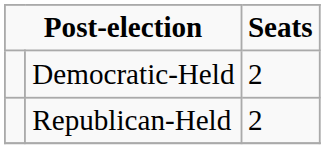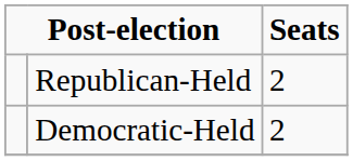 <table class= "wikitable">
 <tr>
 <td colspan= "2" rowspan= "1" align= "center" valign= "top"><strong>Post-election</strong></td>
 <td valign= "top"><strong>Seats</strong><br></td>
 </tr>
 <tr>
 <td style="background-color:"> </td>
-<td>Democratic-Held</td>
+<td>Republican-Held</td>
 <td>2</td>
 </tr>
 <tr>
 <td style="background-color:"> </td>
-<td>Republican-Held</td>
+<td>Democratic-Held</td>
 <td>2</td>
 </tr>
 <tr>
 </tr>
 </table>
